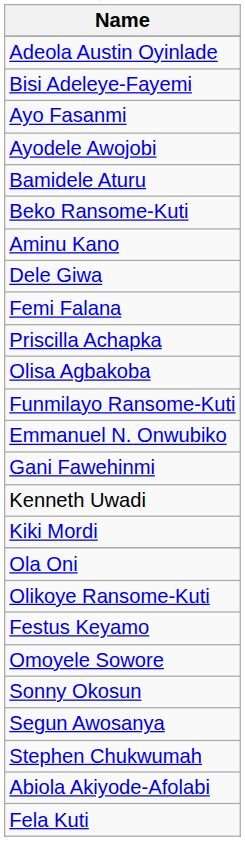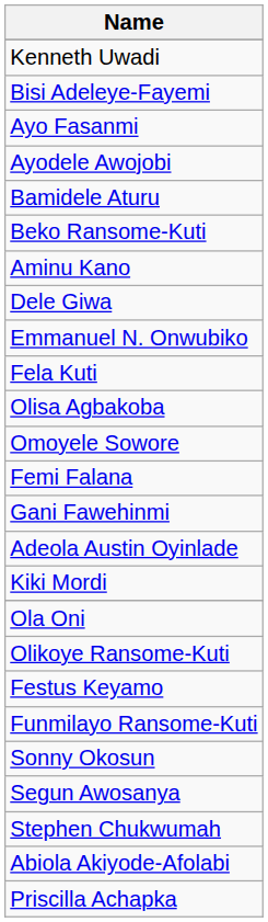 <table class="wikitable sortable">
 <tr>
 <th>Name</th>
 </tr>
 <tr>
 </tr>
 <tr>
 </tr>
 <tr>
 </tr>
 <tr>
-<td><a href='#'>Adeola Austin Oyinlade</a></td>
+<td>Kenneth Uwadi</td>
 </tr>
 <tr>
 <td><a href='#'>Bisi Adeleye-Fayemi</a></td>
 </tr>
 <tr>
 <td><a href='#'>Ayo Fasanmi</a></td>
 </tr>
 <tr>
 <td><a href='#'>Ayodele Awojobi</a></td>
 </tr>
 <tr>
 <td><a href='#'>Bamidele Aturu</a></td>
 </tr>
 <tr>
 <td><a href='#'>Beko Ransome-Kuti</a></td>
 </tr>
 <tr>
 <td><a href='#'>Aminu Kano</a></td>
 </tr>
 <tr>
 <td><a href='#'>Dele Giwa</a></td>
 </tr>
 <tr>
-<td><a href='#'>Femi Falana</a></td>
+<td><a href='#'>Emmanuel N. Onwubiko</a></td>
 </tr>
 <tr>
-<td><a href='#'>Priscilla Achapka</a></td>
+<td><a href='#'>Fela Kuti</a></td>
 </tr>
 <tr>
 <td><a href='#'>Olisa Agbakoba</a></td>
 </tr>
 <tr>
-<td><a href='#'>Funmilayo Ransome-Kuti</a></td>
+<td><a href='#'>Omoyele Sowore</a></td>
 </tr>
 <tr>
-<td><a href='#'>Emmanuel N. Onwubiko</a></td>
+<td><a href='#'>Femi Falana</a></td>
 </tr>
 <tr>
 <td><a href='#'>Gani Fawehinmi</a></td>
 </tr>
 <tr>
-<td>Kenneth Uwadi</td>
+<td><a href='#'>Adeola Austin Oyinlade</a></td>
 </tr>
 <tr>
 <td><a href='#'>Kiki Mordi</a></td>
 </tr>
 <tr>
 </tr>
 <tr Kiki Mordi>
 </tr>
 <tr>
 <td><a href='#'>Ola Oni</a></td>
 </tr>
 <tr>
 <td><a href='#'>Olikoye Ransome-Kuti</a></td>
 </tr>
 <tr>
 <td><a href='#'>Festus Keyamo</a></td>
 </tr>
 <tr>
-<td><a href='#'>Omoyele Sowore</a></td>
+<td><a href='#'>Funmilayo Ransome-Kuti</a></td>
 </tr>
 <tr>
 <td><a href='#'>Sonny Okosun</a></td>
 </tr>
 <tr>
 <td><a href='#'>Segun Awosanya</a></td>
 </tr>
 <tr>
 <td><a href='#'>Stephen Chukwumah</a></td>
 </tr>
 <tr>
 <td><a href='#'>Abiola Akiyode-Afolabi</a></td>
 </tr>
 <tr>
-<td><a href='#'>Fela Kuti</a></td>
+<td><a href='#'>Priscilla Achapka</a></td>
 </tr>
 </table>
